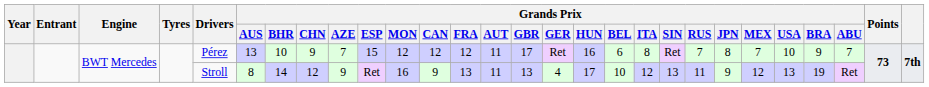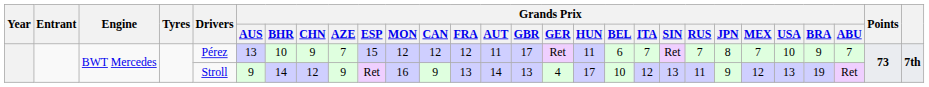 <table class="wikitable" style="text-align:center; font-size:90%">
 <tr>
 <th rowspan="2">Year</th>
 <th rowspan="2">Entrant</th>
 <th rowspan="2">Engine</th>
 <th rowspan="2">Tyres</th>
 <th rowspan="2">Drivers</th>
 <th colspan="21">Grands Prix</th>
 <th rowspan="2">Points</th>
 <th rowspan="2"></th>
 </tr>
 <tr>
 <th><a href='#'>AUS</a></th>
 <th><a href='#'>BHR</a></th>
 <th><a href='#'>CHN</a></th>
 <th><a href='#'>AZE</a></th>
 <th><a href='#'>ESP</a></th>
 <th><a href='#'>MON</a></th>
 <th><a href='#'>CAN</a></th>
 <th><a href='#'>FRA</a></th>
 <th><a href='#'>AUT</a></th>
 <th><a href='#'>GBR</a></th>
 <th><a href='#'>GER</a></th>
 <th><a href='#'>HUN</a></th>
 <th><a href='#'>BEL</a></th>
 <th><a href='#'>ITA</a></th>
 <th><a href='#'>SIN</a></th>
 <th><a href='#'>RUS</a></th>
 <th><a href='#'>JPN</a></th>
 <th><a href='#'>MEX</a></th>
 <th><a href='#'>USA</a></th>
 <th><a href='#'>BRA</a></th>
 <th><a href='#'>ABU</a></th>
 </tr>
 <tr>
 <th rowspan="2"></th>
 <td rowspan="2"><a href='#'> </a></td>
 <td rowspan="2"><a href='#'>BWT</a> <a href='#'>Mercedes</a></td>
 <td rowspan="2"></td>
 <td><a href='#'>Pérez</a></td>
 <td style="background:#CFCFFF">13</td>
 <td style="background:#DFFFDF">10</td>
 <td style="background:#DFFFDF">9</td>
 <td style="background:#DFFFDF">7</td>
 <td style="background:#CFCFFF">15</td>
 <td style="background:#CFCFFF">12</td>
 <td style="background:#CFCFFF">12</td>
 <td style="background:#CFCFFF">12</td>
 <td style="background:#CFCFFF">11</td>
 <td style="background:#CFCFFF">17</td>
 <td style="background:#EFCFFF">Ret</td>
-<td style="background:#CFCFFF">16</td>
+<td style="background:#CFCFFF">11</td>
 <td style="background:#DFFFDF">6</td>
-<td style="background:#DFFFDF">8</td>
+<td style="background:#DFFFDF">7</td>
 <td style="background:#EFCFFF">Ret</td>
 <td style="background:#DFFFDF">7</td>
 <td style="background:#DFFFDF">8</td>
 <td style="background:#DFFFDF">7</td>
 <td style="background:#DFFFDF">10</td>
 <td style="background:#DFFFDF">9</td>
 <td style="background:#DFFFDF">7</td>
 <td rowspan="2" style="background-color:#EAECF0;text-align:center"><strong>73</strong></td>
 <td rowspan="2" style="background-color:#EAECF0;text-align:center"><strong>7th</strong></td>
 </tr>
 <tr>
 <td><a href='#'>Stroll</a></td>
-<td style="background:#DFFFDF">8</td>
+<td style="background:#DFFFDF">9</td>
 <td style="background:#CFCFFF">14</td>
 <td style="background:#CFCFFF">12</td>
 <td style="background:#DFFFDF">9</td>
 <td style="background:#EFCFFF">Ret</td>
 <td style="background:#CFCFFF">16</td>
 <td style="background:#DFFFDF">9</td>
 <td style="background:#CFCFFF">13</td>
-<td style="background:#CFCFFF">11</td>
+<td style="background:#CFCFFF">14</td>
 <td style="background:#CFCFFF">13</td>
 <td style="background:#DFFFDF">4</td>
 <td style="background:#CFCFFF">17</td>
 <td style="background:#DFFFDF">10</td>
 <td style="background:#CFCFFF">12</td>
 <td style="background:#CFCFFF">13</td>
 <td style="background:#CFCFFF">11</td>
 <td style="background:#DFFFDF">9</td>
 <td style="background:#CFCFFF">12</td>
 <td style="background:#CFCFFF">13</td>
 <td style="background:#CFCFFF">19</td>
 <td style="background:#EFCFFF">Ret</td>
 </tr>
 </table>
